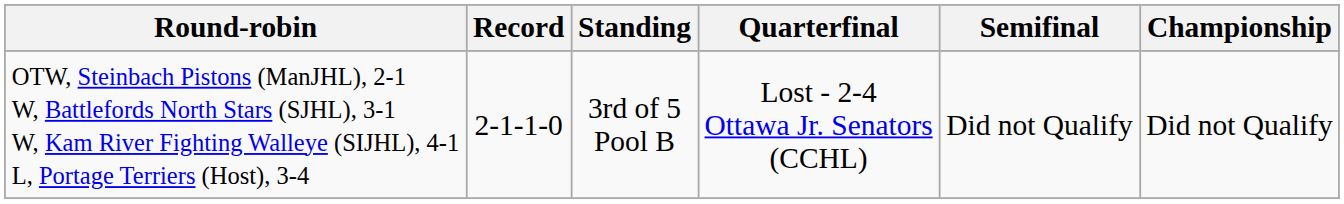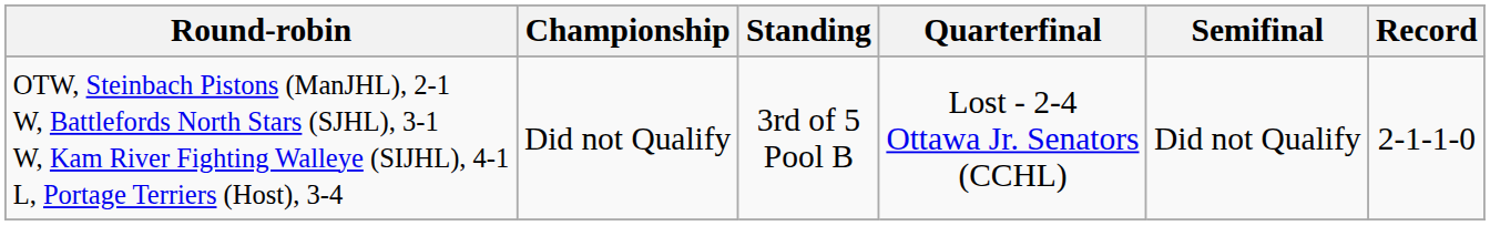 <table class="wikitable" style="text-align:center;">
 <tr>
 <th>Round-robin</th>
-<th>Record</th>
+<th>Championship</th>
 <th>Standing</th>
 <th>Quarterfinal</th>
 <th>Semifinal</th>
-<th>Championship</th>
+<th>Record</th>
 </tr>
 <tr>
 <td align=left><small>OTW, <a href='#'>Steinbach Pistons</a> (ManJHL), 2-1<br>W, <a href='#'>Battlefords North Stars</a> (SJHL), 3-1<br>W, <a href='#'>Kam River Fighting Walleye</a> (SIJHL), 4-1<br>L, <a href='#'>Portage Terriers</a> (Host), 3-4</small></td>
-<td>2-1-1-0</td>
+<td>Did not Qualify</td>
 <td>3rd of 5 <br>Pool B</td>
 <td>Lost - 2-4<br><a href='#'>Ottawa Jr. Senators</a><br>(CCHL)</td>
 <td>Did not Qualify</td>
-<td>Did not Qualify</td>
+<td>2-1-1-0</td>
 </tr>
 </table>
